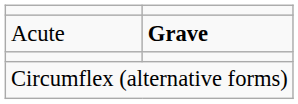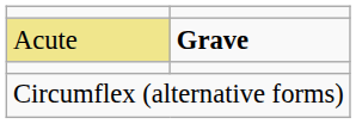 <table class="wikitable" style="float: right;">
 <tr>
 <td></td>
 <td></td>
 </tr>
 <tr>
-<td>Acute</td>
+<td style="background: khaki;">Acute</td>
 <td><strong>Grave</strong></td>
 </tr>
 <tr>
 <td></td>
 <td></td>
 </tr>
 <tr>
 <td colspan="2">Circumflex (alternative forms)</td>
 </tr>
 </table>
